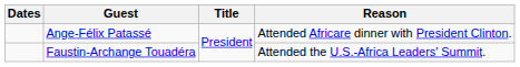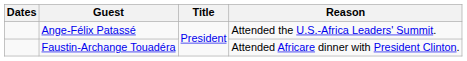 <table class="wikitable sortable">
 <tr>
 <th>Dates</th>
 <th>Guest</th>
 <th>Title</th>
 <th>Reason</th>
 </tr>
 <tr>
 <td></td>
 <td><a href='#'>Ange-Félix Patassé</a></td>
 <td rowspan=2><a href='#'>President</a></td>
-<td>Attended <a href='#'>Africare</a> dinner with <a href='#'>President Clinton</a>.</td>
+<td>Attended the <a href='#'>U.S.-Africa Leaders' Summit</a>.</td>
 </tr>
 <tr>
 <td></td>
 <td><a href='#'>Faustin-Archange Touadéra</a></td>
-<td>Attended the <a href='#'>U.S.-Africa Leaders' Summit</a>.</td>
+<td>Attended <a href='#'>Africare</a> dinner with <a href='#'>President Clinton</a>.</td>
 </tr>
 </table>
